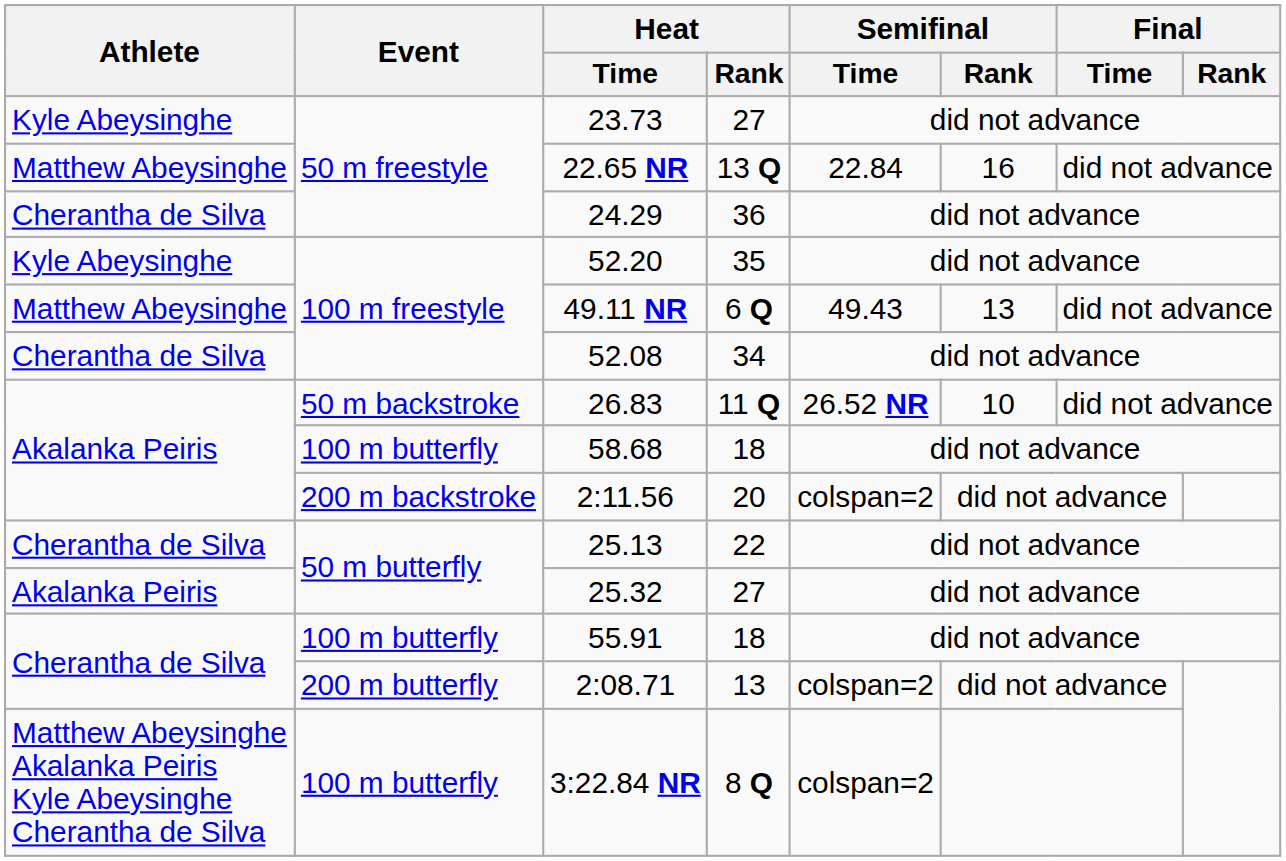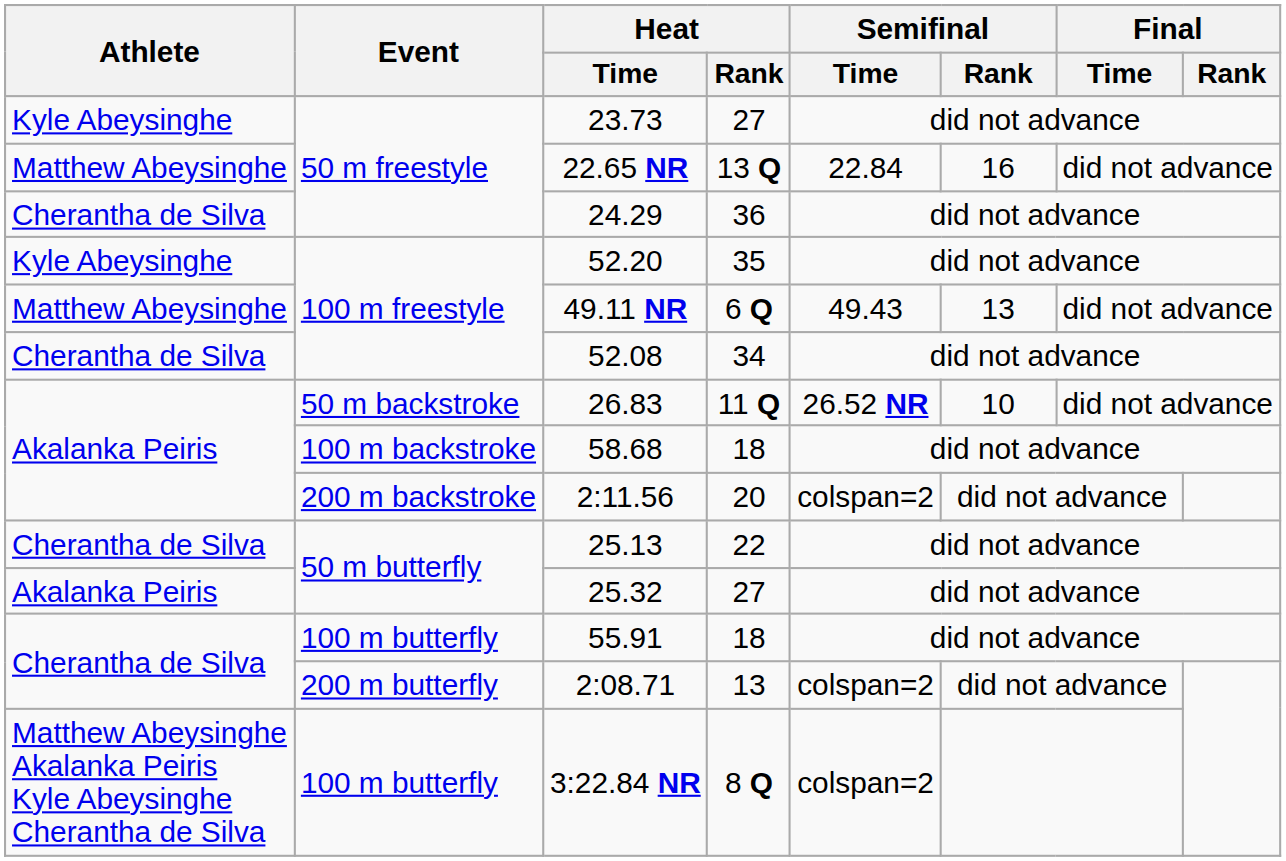 <table class=wikitable style=font-size:90%>
 <tr>
 <th rowspan=2>Athlete</th>
 <th rowspan=2>Event</th>
 <th colspan=2>Heat</th>
 <th colspan=2>Semifinal</th>
 <th colspan=2>Final</th>
 </tr>
 <tr style=font-size:95%>
 <th>Time</th>
 <th>Rank</th>
 <th>Time</th>
 <th>Rank</th>
 <th>Time</th>
 <th>Rank</th>
 </tr>
 <tr align=center>
 <td align=left><a href='#'>Kyle Abeysinghe</a></td>
 <td align=left rowspan=3><a href='#'>50 m freestyle</a></td>
 <td>23.73</td>
 <td>27</td>
 <td colspan=4>did not advance</td>
 </tr>
 <tr align=center>
 <td align=left><a href='#'>Matthew Abeysinghe</a></td>
 <td>22.65 <strong><a href='#'>NR</a></strong></td>
 <td>13 <strong>Q</strong></td>
 <td>22.84</td>
 <td>16</td>
 <td colspan=2>did not advance</td>
 </tr>
 <tr align=center>
 <td align=left><a href='#'>Cherantha de Silva</a></td>
 <td>24.29</td>
 <td>36</td>
 <td colspan=4>did not advance</td>
 </tr>
 <tr align=center>
 <td align=left><a href='#'>Kyle Abeysinghe</a></td>
 <td align=left rowspan=3><a href='#'>100 m freestyle</a></td>
 <td>52.20</td>
 <td>35</td>
 <td colspan=4>did not advance</td>
 </tr>
 <tr align=center>
 <td align=left><a href='#'>Matthew Abeysinghe</a></td>
 <td>49.11 <strong><a href='#'>NR</a></strong></td>
 <td>6 <strong>Q</strong></td>
 <td>49.43</td>
 <td>13</td>
 <td colspan=2>did not advance</td>
 </tr>
 <tr align=center>
 <td align=left><a href='#'>Cherantha de Silva</a></td>
 <td>52.08</td>
 <td>34</td>
 <td colspan=4>did not advance</td>
 </tr>
 <tr align=center>
 <td align=left rowspan=3><a href='#'>Akalanka Peiris</a></td>
 <td align=left><a href='#'>50 m backstroke</a></td>
 <td>26.83</td>
 <td>11 <strong>Q</strong></td>
 <td>26.52 <strong><a href='#'>NR</a></strong></td>
 <td>10</td>
 <td colspan=2>did not advance</td>
 </tr>
 <tr align=center>
-<td align=left><a href='#'>100 m butterfly</a></td>
+<td align=left><a href='#'>100 m backstroke</a></td>
 <td>58.68</td>
 <td>18</td>
 <td colspan=4>did not advance</td>
 </tr>
 <tr align=center>
 <td align=left><a href='#'>200 m backstroke</a></td>
 <td>2:11.56</td>
 <td>20</td>
 <td>colspan=2 </td>
 <td colspan=2>did not advance</td>
 </tr>
 <tr align=center>
 <td align=left><a href='#'>Cherantha de Silva</a></td>
 <td align=left rowspan=2><a href='#'>50 m butterfly</a></td>
 <td>25.13</td>
 <td>22</td>
 <td colspan=4>did not advance</td>
 </tr>
 <tr align=center>
 <td align=left><a href='#'>Akalanka Peiris</a></td>
 <td>25.32</td>
 <td>27</td>
 <td colspan=4>did not advance</td>
 </tr>
 <tr align=center>
 <td align=left rowspan=2><a href='#'>Cherantha de Silva</a></td>
 <td align=left><a href='#'>100 m butterfly</a></td>
 <td>55.91</td>
 <td>18</td>
 <td colspan=4>did not advance</td>
 </tr>
 <tr align=center>
 <td align=left><a href='#'>200 m butterfly</a></td>
 <td>2:08.71</td>
 <td>13</td>
 <td>colspan=2 </td>
 <td colspan=2>did not advance</td>
 </tr>
 <tr align=center>
 <td align=left><a href='#'>Matthew Abeysinghe</a><br><a href='#'>Akalanka Peiris</a><br><a href='#'>Kyle Abeysinghe</a><br><a href='#'>Cherantha de Silva</a></td>
 <td align=left><a href='#'>100 m butterfly</a></td>
 <td>3:22.84 <strong><a href='#'>NR</a></strong></td>
 <td>8 <strong>Q</strong></td>
 <td>colspan=2 </td>
 <td colspan=2></td>
 </tr>
 </table>
